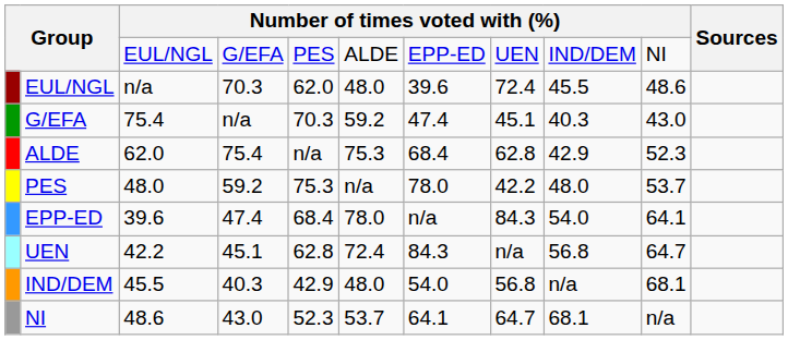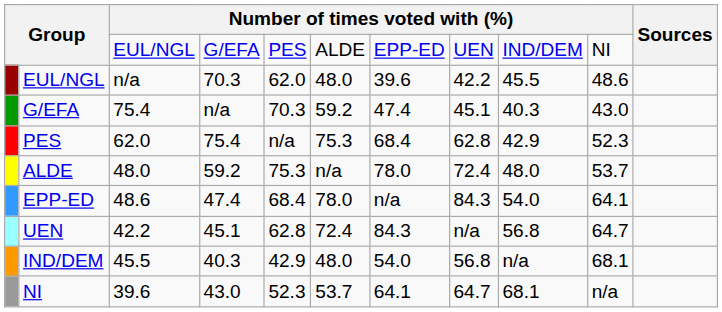 <table class="wikitable">
 <tr>
 <th rowspan="2" colspan="2">Group</th>
 <th colspan="8">Number of times voted with (%)</th>
 <th rowspan="2">Sources</th>
 </tr>
 <tr>
 <td><a href='#'>EUL/NGL</a></td>
 <td><a href='#'>G/EFA</a></td>
 <td><a href='#'>PES</a></td>
 <td>ALDE</td>
 <td><a href='#'>EPP-ED</a></td>
 <td><a href='#'>UEN</a></td>
 <td><a href='#'>IND/DEM</a></td>
 <td>NI</td>
 </tr>
 <tr>
 <td style="background:#900;"> </td>
 <td><a href='#'>EUL/NGL</a></td>
 <td>n/a</td>
 <td>70.3</td>
 <td>62.0</td>
 <td>48.0</td>
 <td>39.6</td>
-<td>72.4</td>
+<td>42.2</td>
 <td>45.5</td>
 <td>48.6</td>
 <td></td>
 </tr>
 <tr>
 <td style="background:#090;"> </td>
 <td><a href='#'>G/EFA</a></td>
 <td>75.4</td>
 <td>n/a</td>
 <td>70.3</td>
 <td>59.2</td>
 <td>47.4</td>
 <td>45.1</td>
 <td>40.3</td>
 <td>43.0</td>
 <td></td>
 </tr>
 <tr>
 <td style="background:#f00;"> </td>
-<td><a href='#'>ALDE</a></td>
+<td><a href='#'>PES</a></td>
 <td>62.0</td>
 <td>75.4</td>
 <td>n/a</td>
 <td>75.3</td>
 <td>68.4</td>
 <td>62.8</td>
 <td>42.9</td>
 <td>52.3</td>
 <td></td>
 </tr>
 <tr>
 <td style="background:#ff0;"> </td>
-<td><a href='#'>PES</a></td>
+<td><a href='#'>ALDE</a></td>
 <td>48.0</td>
 <td>59.2</td>
 <td>75.3</td>
 <td>n/a</td>
 <td>78.0</td>
-<td>42.2</td>
+<td>72.4</td>
 <td>48.0</td>
 <td>53.7</td>
 <td></td>
 </tr>
 <tr>
 <td style="background:#39f;"> </td>
 <td><a href='#'>EPP-ED</a></td>
-<td>39.6</td>
+<td>48.6</td>
 <td>47.4</td>
 <td>68.4</td>
 <td>78.0</td>
 <td>n/a</td>
 <td>84.3</td>
 <td>54.0</td>
 <td>64.1</td>
 <td></td>
 </tr>
 <tr>
 <td style="background:#9ff;"> </td>
 <td><a href='#'>UEN</a></td>
 <td>42.2</td>
 <td>45.1</td>
 <td>62.8</td>
 <td>72.4</td>
 <td>84.3</td>
 <td>n/a</td>
 <td>56.8</td>
 <td>64.7</td>
 <td></td>
 </tr>
 <tr>
 <td style="background:#f90;"> </td>
 <td><a href='#'>IND/DEM</a></td>
 <td>45.5</td>
 <td>40.3</td>
 <td>42.9</td>
 <td>48.0</td>
 <td>54.0</td>
 <td>56.8</td>
 <td>n/a</td>
 <td>68.1</td>
 <td></td>
 </tr>
 <tr>
 <td style="background:#999;"> </td>
 <td><a href='#'>NI</a></td>
-<td>48.6</td>
+<td>39.6</td>
 <td>43.0</td>
 <td>52.3</td>
 <td>53.7</td>
 <td>64.1</td>
 <td>64.7</td>
 <td>68.1</td>
 <td>n/a</td>
 <td></td>
 </tr>
 </table>
